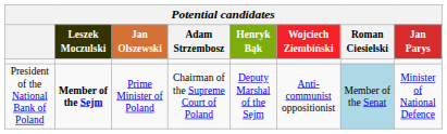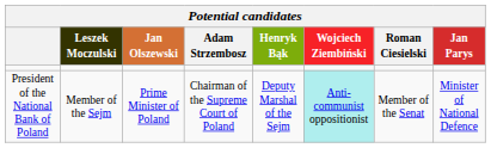 <table class="wikitable" style="font-size:90%;">
 <tr>
 <th colspan="11" style="text-align:center; width:150px; font-size:120%; color:black;"><em>Potential candidates</em></th>
 </tr>
 <tr style="text-align:center">
 <th scope="col" style="width:10em; font-size:120%; background:"></th>
 <th scope="col" style="width:10em; font-size:120%; background:#333300; color:white;"><small>Leszek Moczulski</small></th>
 <th scope="col" style="width:10em; font-size:120%; background:#D47034; color:white;"><small>Jan Olszewski</small></th>
 <th scope="col" style="width:10em; font-size:120%; background:"><small>Adam Strzembosz</small></th>
 <th scope="col" style="width:10em; font-size:120%; background:#7DAD0B; color:white;"><small>Henryk Bąk</small></th>
 <th scope="col" style="width:10em; font-size:120%; background:#F72227; color:white;"><small>Wojciech Ziembiński</small></th>
 <th scope="col" style="width:10em; font-size:120%; background:"><small>Roman Ciesielski</small></th>
 <th scope="col" style="width:10em; font-size:120%; background:#D62C2C; color:white;"><small>Jan Parys</small></th>
 </tr>
 <tr style="text-align:center">
 <td style="text-align:center"></td>
 <td style="text-align:center"></td>
 <td style="text-align:center"></td>
 <td style="text-align:center"></td>
 <td style="text-align:center"></td>
 <td style="text-align:center"></td>
 <td style="text-align:center"></td>
 <td style="text-align:center"></td>
 </tr>
 <tr style="text-align:center">
 <td>President of the <a href='#'>National Bank of Poland</a><br></td>
-<td><strong>Member of the <a href='#'>Sejm</a><br></strong></td>
+<td>Member of the <a href='#'>Sejm</a><br></td>
 <td><a href='#'>Prime Minister of Poland</a><br></td>
 <td>Chairman of the <a href='#'>Supreme Court of Poland</a><br></td>
 <td><a href='#'>Deputy Marshal of the Sejm</a><br></td>
-<td><a href='#'>Anti-communist</a> oppositionist</td>
-<td style="background: lightblue;">Member of the <a href='#'>Senat</a><br></td>
+<td style="background: paleturquoise;"><a href='#'>Anti-communist</a> oppositionist</td>
+<td>Member of the <a href='#'>Senat</a><br></td>
 <td><a href='#'>Minister of National Defence</a><br></td>
 </tr>
 </table>
